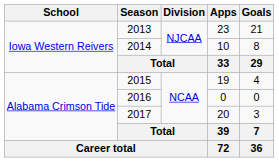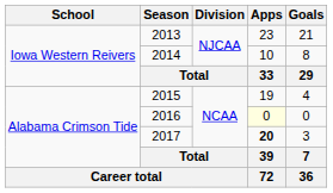 <table class="wikitable" style="text-align: center;">
 <tr>
 <th>School</th>
 <th>Season</th>
 <th>Division</th>
 <th>Apps</th>
 <th>Goals</th>
 </tr>
 <tr>
 <td rowspan="3"><a href='#'>Iowa Western Reivers</a></td>
 <td>2013</td>
 <td rowspan="2"><a href='#'>NJCAA</a></td>
 <td>23</td>
 <td>21</td>
 </tr>
 <tr>
 <td>2014</td>
 <td>10</td>
 <td>8</td>
 </tr>
 <tr>
 <th colspan="2">Total</th>
 <th>33</th>
 <th>29</th>
 </tr>
 <tr>
 <td rowspan="4"><a href='#'>Alabama Crimson Tide</a></td>
 <td>2015</td>
 <td rowspan="3"><a href='#'>NCAA</a></td>
 <td>19</td>
 <td>4</td>
 </tr>
 <tr>
 <td>2016</td>
-<td>0</td>
+<td style="background: lightyellow;">0</td>
 <td>0</td>
 </tr>
 <tr>
 <td>2017</td>
-<td>20</td>
+<td><strong>20</strong></td>
 <td>3</td>
 </tr>
 <tr>
 <th colspan="2">Total</th>
 <th>39</th>
 <th>7</th>
 </tr>
 <tr>
 <th colspan="3">Career total</th>
 <th>72</th>
 <th>36</th>
 </tr>
 </table>
